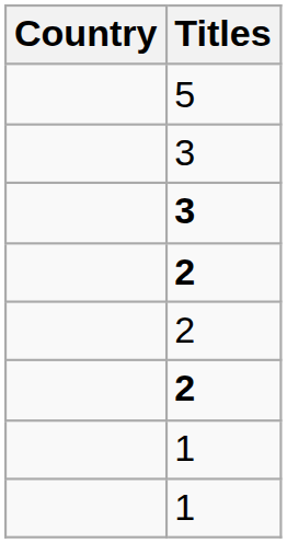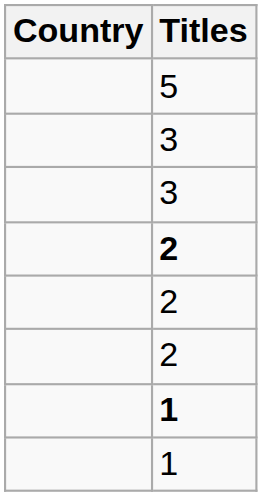 <table class="wikitable ">
 <tr>
 <th>Country</th>
 <th>Titles</th>
 </tr>
 <tr>
 <td></td>
 <td>5</td>
 </tr>
 <tr>
 <td></td>
 <td>3</td>
 </tr>
 <tr>
 <td></td>
-<td><strong>3</strong></td>
+<td>3</td>
 </tr>
 <tr>
 <td></td>
 <td><strong>2</strong></td>
 </tr>
 <tr>
 <td></td>
 <td>2</td>
 </tr>
 <tr>
 <td></td>
-<td><strong>2</strong></td>
+<td>2</td>
 </tr>
 <tr>
 <td></td>
-<td>1</td>
+<td><strong>1</strong></td>
 </tr>
 <tr>
 <td></td>
 <td>1</td>
 </tr>
 </table>
